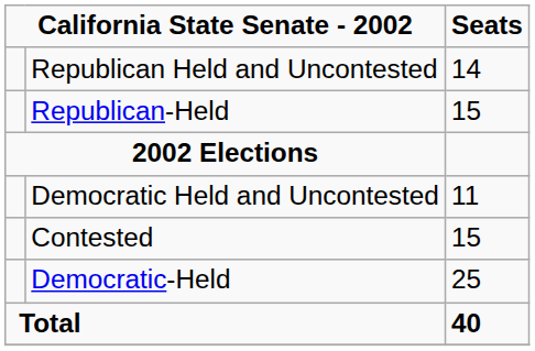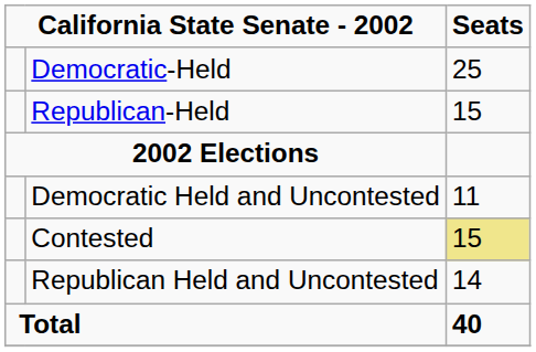 <table class="wikitable">
 <tr>
 <td colspan="2" rowspan="1" align="center" valign="top"><strong>California State Senate - 2002</strong></td>
 <td style="vertical-align:top;"><strong>Seats</strong><br></td>
 </tr>
 <tr>
 <td style="background-color:"> </td>
-<td>Republican Held and Uncontested</td>
-<td>14</td>
+<td><a href='#'>Democratic</a>-Held</td>
+<td>25</td>
 </tr>
 <tr>
 <td style="background-color:"> </td>
 <td><a href='#'>Republican</a>-Held</td>
 <td>15</td>
 </tr>
 <tr>
 <td colspan="2" rowspan="1" align="center"><strong>2002 Elections</strong></td>
 </tr>
 <tr>
 <td style="background-color:"> </td>
 <td>Democratic Held and Uncontested</td>
 <td>11</td>
 </tr>
 <tr>
 <td style="background-color:"> </td>
 <td>Contested</td>
-<td>15</td>
+<td style="background: khaki;">15</td>
 </tr>
 <tr>
 <td style="background-color:"> </td>
-<td><a href='#'>Democratic</a>-Held</td>
-<td>25</td>
+<td>Republican Held and Uncontested</td>
+<td>14</td>
 </tr>
 <tr>
 <td colspan="2" rowspan="1"> <strong>Total</strong><br></td>
 <td><strong>40</strong></td>
 </tr>
 <tr>
 </tr>
 </table>
